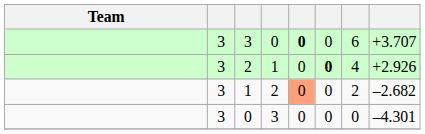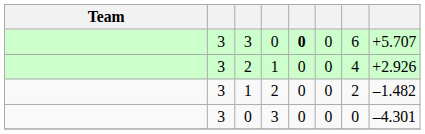 <table class="wikitable" style="text-align:center">
 <tr>
 <th width=200>Team</th>
 <th width=20></th>
 <th width=20></th>
 <th width=20></th>
 <th width=20></th>
 <th width=20></th>
 <th width=20></th>
 <th width=45></th>
 </tr>
 <tr style="background:#cfc">
 <td align="left"></td>
 <td>3</td>
 <td>3</td>
 <td>0</td>
 <td><strong>0</strong></td>
 <td>0</td>
 <td>6</td>
-<td>+3.707</td>
+<td>+5.707</td>
 </tr>
 <tr style="background:#cfc">
 <td align="left"></td>
 <td>3</td>
 <td>2</td>
 <td>1</td>
 <td>0</td>
-<td><strong>0</strong></td>
+<td>0</td>
 <td>4</td>
 <td>+2.926</td>
 </tr>
 <tr>
 <td align="left"></td>
 <td>3</td>
 <td>1</td>
 <td>2</td>
-<td style="background: lightsalmon;">0</td>
+<td>0</td>
 <td>0</td>
 <td>2</td>
-<td>–2.682</td>
+<td>–1.482</td>
 </tr>
 <tr>
 <td align="left"></td>
 <td>3</td>
 <td>0</td>
 <td>3</td>
 <td>0</td>
 <td>0</td>
 <td>0</td>
 <td>–4.301</td>
 </tr>
 <tr>
 </tr>
 </table>
